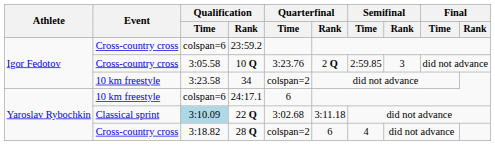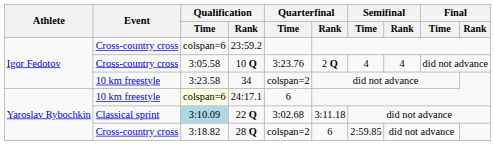 <table class="wikitable" style="font-size:90%">
 <tr>
 <th rowspan=2>Athlete</th>
 <th rowspan=2>Event</th>
 <th colspan=2>Qualification</th>
 <th colspan=2>Quarterfinal</th>
 <th colspan=2>Semifinal</th>
 <th colspan=2>Final</th>
 </tr>
 <tr style="font-size:95%">
 <th>Time</th>
 <th>Rank</th>
 <th>Time</th>
 <th>Rank</th>
 <th>Time</th>
 <th>Rank</th>
 <th>Time</th>
 <th>Rank</th>
 </tr>
 <tr align=center>
 <td align=left rowspan=3><a href='#'>Igor Fedotov</a></td>
 <td align=left><a href='#'>Cross-country cross</a></td>
 <td>colspan=6 </td>
 <td>23:59.2</td>
 <td></td>
 </tr>
 <tr align=center>
 <td align=left><a href='#'>Cross-country cross</a></td>
 <td>3:05.58</td>
 <td>10 <strong>Q</strong></td>
 <td>3:23.76</td>
 <td>2 <strong>Q</strong></td>
-<td>2:59.85</td>
-<td>3</td>
+<td>4</td>
+<td>4</td>
 <td colspan=2>did not advance</td>
 </tr>
 <tr align=center>
 <td align=left><a href='#'>10 km freestyle</a></td>
 <td>3:23.58</td>
 <td>34</td>
 <td>colspan=2 </td>
 <td colspan=4>did not advance</td>
 </tr>
 <tr align=center>
 <td align=left rowspan=3><a href='#'>Yaroslav Rybochkin</a></td>
 <td align=left><a href='#'>10 km freestyle</a></td>
-<td>colspan=6 </td>
+<td style="background: lightyellow;">colspan=6 </td>
 <td>24:17.1</td>
 <td>6</td>
 </tr>
 <tr align=center>
 <td align=left><a href='#'>Classical sprint</a></td>
 <td style="background: lightblue;">3:10.09</td>
 <td>22 <strong>Q</strong></td>
 <td>3:02.68</td>
 <td>3:11.18</td>
 <td colspan=4>did not advance</td>
 </tr>
 <tr align=center>
 <td align=left><a href='#'>Cross-country cross</a></td>
 <td>3:18.82</td>
 <td>28 <strong>Q</strong></td>
 <td>colspan=2 </td>
 <td>6</td>
-<td>4</td>
+<td>2:59.85</td>
 <td colspan=2>did not advance</td>
 </tr>
 </table>
